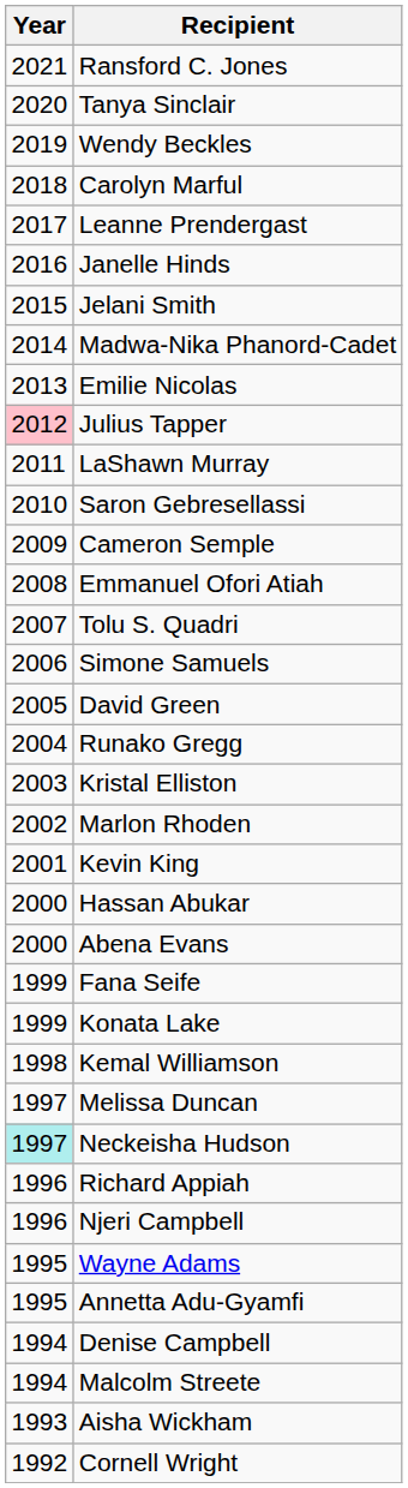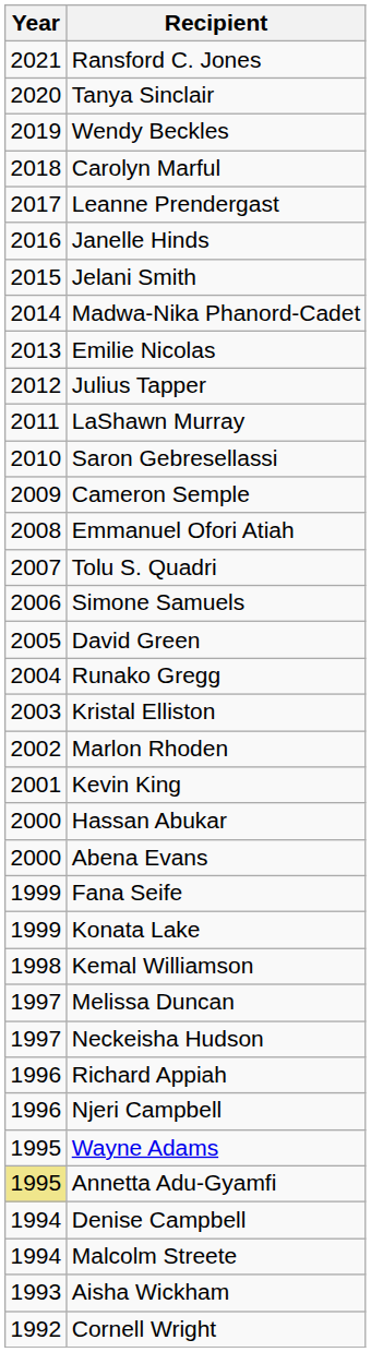 <table class="wikitable sortable">
 <tr>
 <th>Year</th>
 <th>Recipient</th>
 </tr>
 <tr>
 <td>2021</td>
 <td>Ransford C. Jones</td>
 </tr>
 <tr>
 <td>2020</td>
 <td>Tanya Sinclair</td>
 </tr>
 <tr>
 <td>2019</td>
 <td>Wendy Beckles</td>
 </tr>
 <tr>
 <td>2018</td>
 <td>Carolyn Marful</td>
 </tr>
 <tr>
 <td>2017</td>
 <td>Leanne Prendergast</td>
 </tr>
 <tr>
 <td>2016</td>
 <td>Janelle Hinds</td>
 </tr>
 <tr>
 <td>2015</td>
 <td>Jelani Smith</td>
 </tr>
 <tr>
 <td>2014</td>
 <td>Madwa-Nika Phanord-Cadet</td>
 </tr>
 <tr>
 <td>2013</td>
 <td>Emilie Nicolas</td>
 </tr>
 <tr>
-<td style="background: pink;">2012</td>
+<td>2012</td>
 <td>Julius Tapper</td>
 </tr>
 <tr>
 <td>2011</td>
 <td>LaShawn Murray</td>
 </tr>
 <tr>
 <td>2010</td>
 <td>Saron Gebresellassi</td>
 </tr>
 <tr>
 <td>2009</td>
 <td>Cameron Semple</td>
 </tr>
 <tr>
 <td>2008</td>
 <td>Emmanuel Ofori Atiah</td>
 </tr>
 <tr>
 <td>2007</td>
 <td>Tolu S. Quadri</td>
 </tr>
 <tr>
 <td>2006</td>
 <td>Simone Samuels</td>
 </tr>
 <tr>
 <td>2005</td>
 <td>David Green</td>
 </tr>
 <tr>
 <td>2004</td>
 <td>Runako Gregg</td>
 </tr>
 <tr>
 <td>2003</td>
 <td>Kristal Elliston</td>
 </tr>
 <tr>
 <td>2002</td>
 <td>Marlon Rhoden</td>
 </tr>
 <tr>
 <td>2001</td>
 <td>Kevin King</td>
 </tr>
 <tr>
 <td>2000</td>
 <td>Hassan Abukar</td>
 </tr>
 <tr>
 <td>2000</td>
 <td>Abena Evans</td>
 </tr>
 <tr>
 <td>1999</td>
 <td>Fana Seife</td>
 </tr>
 <tr>
 <td>1999</td>
 <td>Konata Lake</td>
 </tr>
 <tr>
 <td>1998</td>
 <td>Kemal Williamson</td>
 </tr>
 <tr>
 <td>1997</td>
 <td>Melissa Duncan</td>
 </tr>
 <tr>
-<td style="background: paleturquoise;">1997</td>
+<td>1997</td>
 <td>Neckeisha Hudson</td>
 </tr>
 <tr>
 <td>1996</td>
 <td>Richard Appiah</td>
 </tr>
 <tr>
 <td>1996</td>
 <td>Njeri Campbell</td>
 </tr>
 <tr>
 <td>1995</td>
 <td><a href='#'>Wayne Adams</a></td>
 </tr>
 <tr>
-<td>1995</td>
+<td style="background: khaki;">1995</td>
 <td>Annetta Adu-Gyamfi</td>
 </tr>
 <tr>
 <td>1994</td>
 <td>Denise Campbell</td>
 </tr>
 <tr>
 <td>1994</td>
 <td>Malcolm Streete</td>
 </tr>
 <tr>
 <td>1993</td>
 <td>Aisha Wickham</td>
 </tr>
 <tr>
 <td>1992</td>
 <td>Cornell Wright</td>
 </tr>
 </table>
